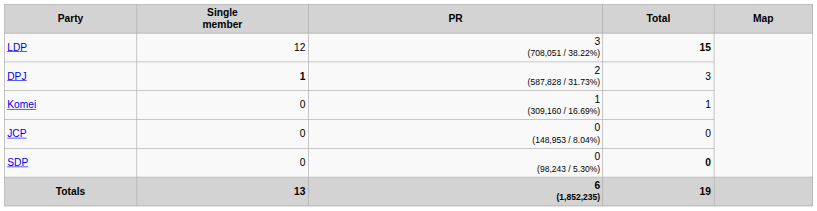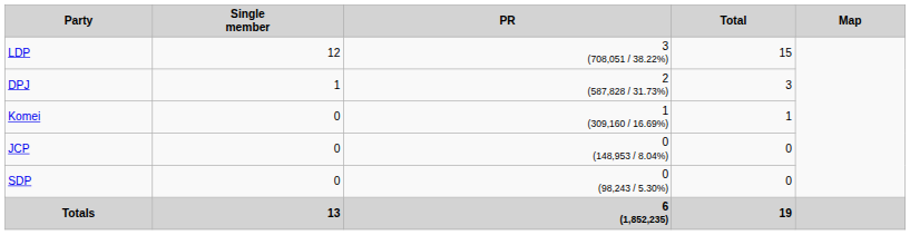 <table border="2" cellpadding="4" cellspacing="0" style="width:100%; margin:1em 1em 1em 0; background:#f9f9f9; border:1px #aaa solid; border-collapse:collapse;">
 <tr style="background:lightgrey;">
 <th>Party</th>
 <th>Single<br>member</th>
 <th>PR</th>
 <th>Total</th>
 <th>Map</th>
 </tr>
 <tr>
 <td><a href='#'>LDP</a></td>
 <td style="text-align:right;">12</td>
 <td style="text-align:right;">3<br><small>(708,051	/ 38.22%)</small></td>
-<td style="text-align:right;"><strong>15</strong></td>
+<td style="text-align:right;">15</td>
 <td rowspan=5></td>
 </tr>
 <tr>
 <td><a href='#'>DPJ</a></td>
-<td style="text-align:right;"><strong>1</strong></td>
+<td style="text-align:right;">1</td>
 <td style="text-align:right;">2<br><small>(587,828	/ 31.73%)</small></td>
 <td style="text-align:right;">3</td>
 </tr>
 <tr>
 <td><a href='#'>Komei</a></td>
 <td style="text-align:right;">0</td>
 <td style="text-align:right;">1<br><small>(309,160	/ 16.69%)</small></td>
 <td style="text-align:right;">1</td>
 </tr>
 <tr>
 <td><a href='#'>JCP</a></td>
 <td style="text-align:right;">0</td>
 <td style="text-align:right;">0<br><small>(148,953	/ 8.04%)</small></td>
 <td style="text-align:right;">0</td>
 </tr>
 <tr>
 <td><a href='#'>SDP</a></td>
 <td style="text-align:right;">0</td>
 <td style="text-align:right;">0<br><small>(98,243 / 5.30%)</small></td>
-<td style="text-align:right;"><strong>0</strong></td>
+<td style="text-align:right;">0</td>
 </tr>
 <tr style="background:lightgrey;">
 <th><strong>Totals</strong></th>
 <th style="text-align:right;">13</th>
 <th style="text-align:right;">6<br><small>(1,852,235)</small></th>
 <th style="text-align:right;">19</th>
 <th></th>
 </tr>
 </table>
